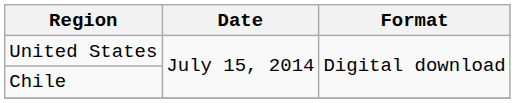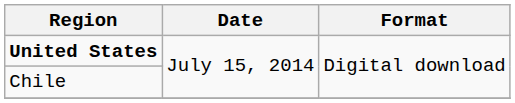 <table class="wikitable">
 <tr>
 <th>Region</th>
 <th>Date</th>
 <th>Format</th>
 </tr>
 <tr>
-<td>United States</td>
+<td><strong>United States</strong></td>
 <td rowspan="2">July 15, 2014</td>
 <td rowspan="2">Digital download</td>
 </tr>
 <tr>
 <td>Chile</td>
 </tr>
 <tr>
 </tr>
 </table>
